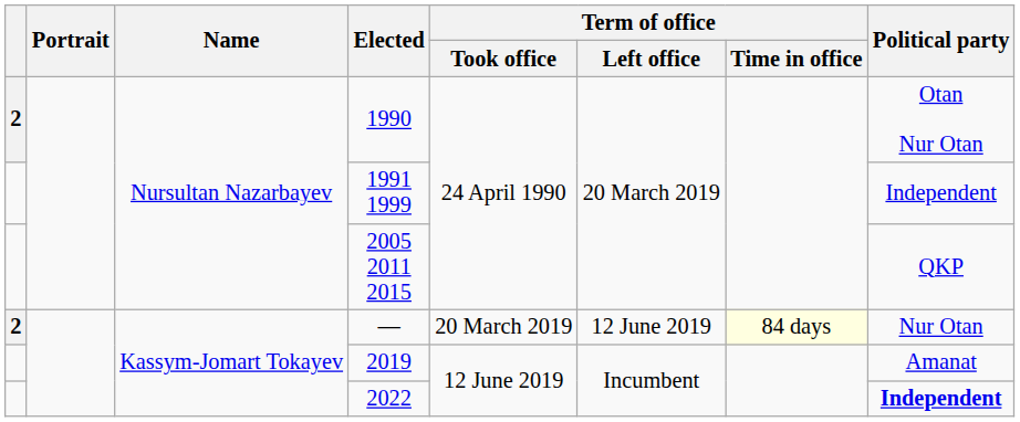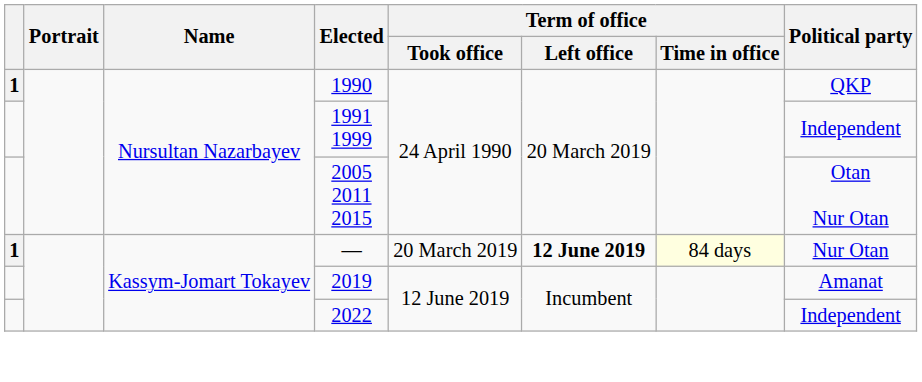 <table class="wikitable" style="text-align:center">
 <tr>
 <th rowspan="2"></th>
 <th rowspan="2">Portrait</th>
 <th rowspan="2">Name<br></th>
 <th rowspan="2">Elected</th>
 <th colspan="3">Term of office</th>
 <th rowspan="2">Political party</th>
 </tr>
 <tr>
 <th>Took office</th>
 <th>Left office</th>
 <th>Time in office</th>
 </tr>
 <tr>
-<th style="background:">2</th>
+<th style="background:">1</th>
 <td rowspan="3"></td>
 <td rowspan="3"><a href='#'>Nursultan Nazarbayev</a><br></td>
 <td><a href='#'>1990</a></td>
 <td rowspan="3">24 April 1990</td>
 <td rowspan="3">20 March 2019</td>
 <td rowspan="3"></td>
-<td><a href='#'>Otan</a><br><br><a href='#'>Nur Otan</a></td>
+<td><a href='#'>QKP</a><br></td>
 </tr>
 <tr>
 <td style="background:"></td>
 <td><a href='#'>1991</a><br><a href='#'>1999</a></td>
 <td><a href='#'>Independent</a><br></td>
 </tr>
 <tr>
 <td style="background:"></td>
 <td><a href='#'>2005</a><br><a href='#'>2011</a><br><a href='#'>2015</a></td>
-<td><a href='#'>QKP</a><br></td>
+<td><a href='#'>Otan</a><br><br><a href='#'>Nur Otan</a></td>
 </tr>
 <tr>
-<th style="background:">2</th>
+<th style="background:">1</th>
 <td rowspan="3"></td>
 <td rowspan="3"><a href='#'>Kassym-Jomart Tokayev</a><br></td>
 <td>—</td>
 <td>20 March 2019</td>
-<td>12 June 2019</td>
+<td><strong>12 June 2019</strong></td>
 <td style="background: lightyellow;">84 days</td>
 <td><a href='#'>Nur Otan</a><br></td>
 </tr>
 <tr>
 <td style="background:"></td>
 <td><a href='#'>2019</a></td>
 <td rowspan="2">12 June 2019</td>
 <td rowspan="2">Incumbent</td>
 <td rowspan="2"></td>
 <td><a href='#'>Amanat</a><br></td>
 </tr>
 <tr>
 <td style="background:"></td>
 <td><a href='#'>2022</a></td>
-<td><strong><a href='#'>Independent</a></strong></td>
+<td><a href='#'>Independent</a></td>
 </tr>
 </table>
